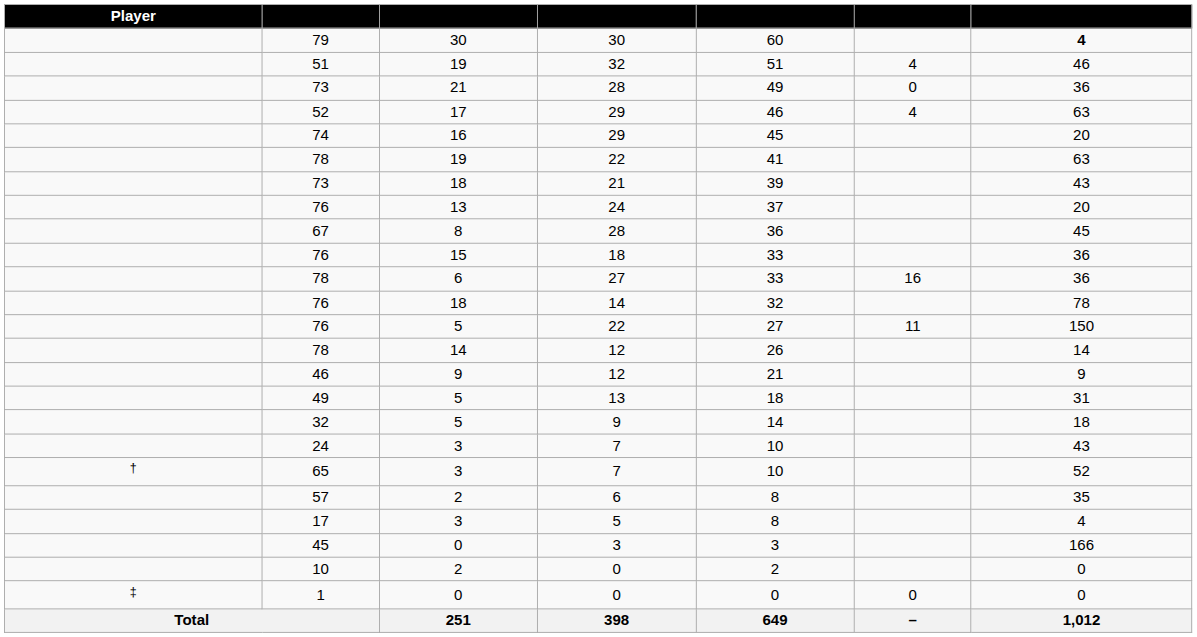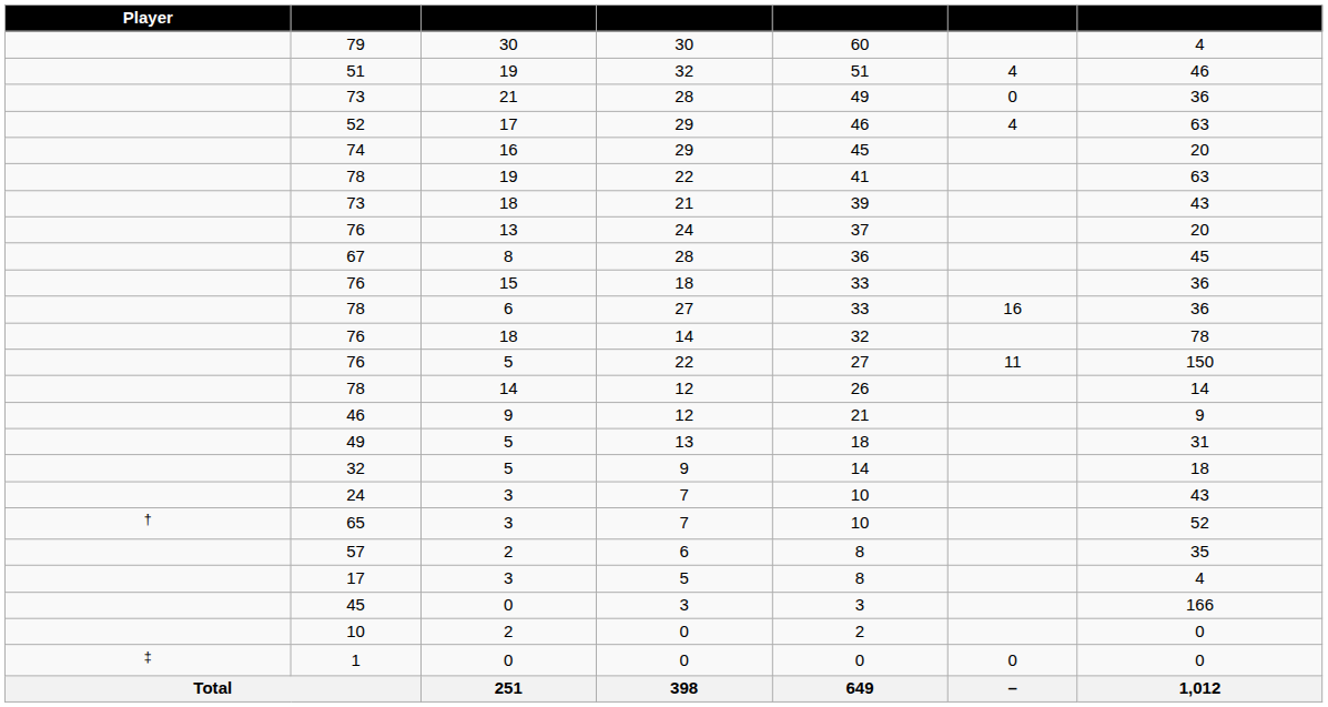 <table class="wikitable sortable" style="width:100%; text-align:center;">
 <tr align=center>
 <th style="color:white; background:#000000; ">Player</th>
 <th style="color:white; background:#000000; "></th>
 <th style="color:white; background:#000000; "></th>
 <th style="color:white; background:#000000; "></th>
 <th style="color:white; background:#000000; "></th>
 <th style="color:white; background:#000000; "></th>
 <th style="color:white; background:#000000; "></th>
 </tr>
 <tr>
 <td></td>
 <td>79</td>
 <td>30</td>
 <td>30</td>
 <td>60</td>
 <td></td>
-<td><strong>4</strong></td>
+<td>4</td>
 </tr>
 <tr>
 <td></td>
 <td>51</td>
 <td>19</td>
 <td>32</td>
 <td>51</td>
 <td>4</td>
 <td>46</td>
 </tr>
 <tr>
 <td></td>
 <td>73</td>
 <td>21</td>
 <td>28</td>
 <td>49</td>
 <td>0</td>
 <td>36</td>
 </tr>
 <tr>
 <td></td>
 <td>52</td>
 <td>17</td>
 <td>29</td>
 <td>46</td>
 <td>4</td>
 <td>63</td>
 </tr>
 <tr>
 <td></td>
 <td>74</td>
 <td>16</td>
 <td>29</td>
 <td>45</td>
 <td></td>
 <td>20</td>
 </tr>
 <tr>
 <td></td>
 <td>78</td>
 <td>19</td>
 <td>22</td>
 <td>41</td>
 <td></td>
 <td>63</td>
 </tr>
 <tr>
 <td></td>
 <td>73</td>
 <td>18</td>
 <td>21</td>
 <td>39</td>
 <td></td>
 <td>43</td>
 </tr>
 <tr>
 <td></td>
 <td>76</td>
 <td>13</td>
 <td>24</td>
 <td>37</td>
 <td></td>
 <td>20</td>
 </tr>
 <tr>
 <td></td>
 <td>67</td>
 <td>8</td>
 <td>28</td>
 <td>36</td>
 <td></td>
 <td>45</td>
 </tr>
 <tr>
 <td></td>
 <td>76</td>
 <td>15</td>
 <td>18</td>
 <td>33</td>
 <td></td>
 <td>36</td>
 </tr>
 <tr>
 <td></td>
 <td>78</td>
 <td>6</td>
 <td>27</td>
 <td>33</td>
 <td>16</td>
 <td>36</td>
 </tr>
 <tr>
 <td></td>
 <td>76</td>
 <td>18</td>
 <td>14</td>
 <td>32</td>
 <td></td>
 <td>78</td>
 </tr>
 <tr>
 <td></td>
 <td>76</td>
 <td>5</td>
 <td>22</td>
 <td>27</td>
 <td>11</td>
 <td>150</td>
 </tr>
 <tr>
 <td></td>
 <td>78</td>
 <td>14</td>
 <td>12</td>
 <td>26</td>
 <td></td>
 <td>14</td>
 </tr>
 <tr>
 <td></td>
 <td>46</td>
 <td>9</td>
 <td>12</td>
 <td>21</td>
 <td></td>
 <td>9</td>
 </tr>
 <tr>
 <td></td>
 <td>49</td>
 <td>5</td>
 <td>13</td>
 <td>18</td>
 <td></td>
 <td>31</td>
 </tr>
 <tr>
 <td></td>
 <td>32</td>
 <td>5</td>
 <td>9</td>
 <td>14</td>
 <td></td>
 <td>18</td>
 </tr>
 <tr>
 <td></td>
 <td>24</td>
 <td>3</td>
 <td>7</td>
 <td>10</td>
 <td></td>
 <td>43</td>
 </tr>
 <tr>
 <td><sup>†</sup></td>
 <td>65</td>
 <td>3</td>
 <td>7</td>
 <td>10</td>
 <td></td>
 <td>52</td>
 </tr>
 <tr>
 <td></td>
 <td>57</td>
 <td>2</td>
 <td>6</td>
 <td>8</td>
 <td></td>
 <td>35</td>
 </tr>
 <tr>
 <td></td>
 <td>17</td>
 <td>3</td>
 <td>5</td>
 <td>8</td>
 <td></td>
 <td>4</td>
 </tr>
 <tr>
 <td></td>
 <td>45</td>
 <td>0</td>
 <td>3</td>
 <td>3</td>
 <td></td>
 <td>166</td>
 </tr>
 <tr>
 <td></td>
 <td>10</td>
 <td>2</td>
 <td>0</td>
 <td>2</td>
 <td></td>
 <td>0</td>
 </tr>
 <tr>
 <td><sup>‡</sup></td>
 <td>1</td>
 <td>0</td>
 <td>0</td>
 <td>0</td>
 <td>0</td>
 <td>0</td>
 </tr>
 <tr class="sortbottom">
 <th colspan=2>Total</th>
 <th>251</th>
 <th>398</th>
 <th>649</th>
 <th>–</th>
 <th>1,012</th>
 </tr>
 </table>
